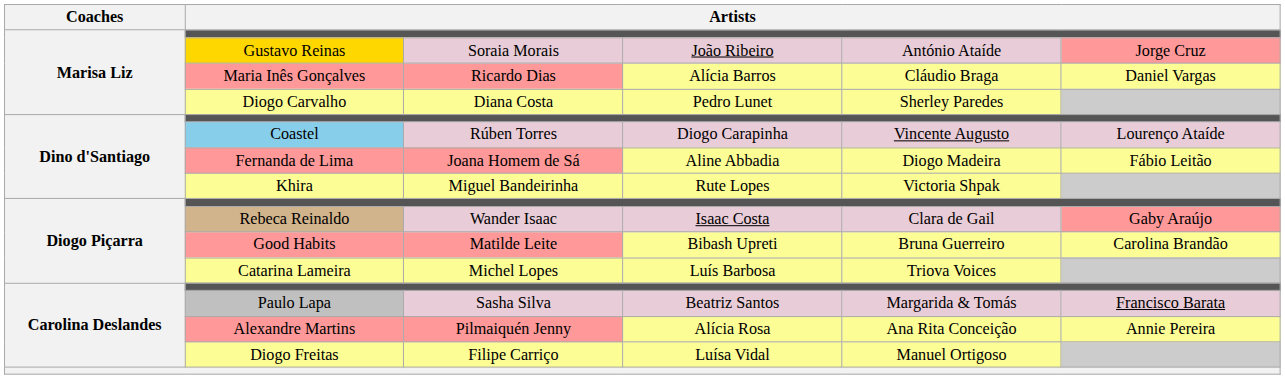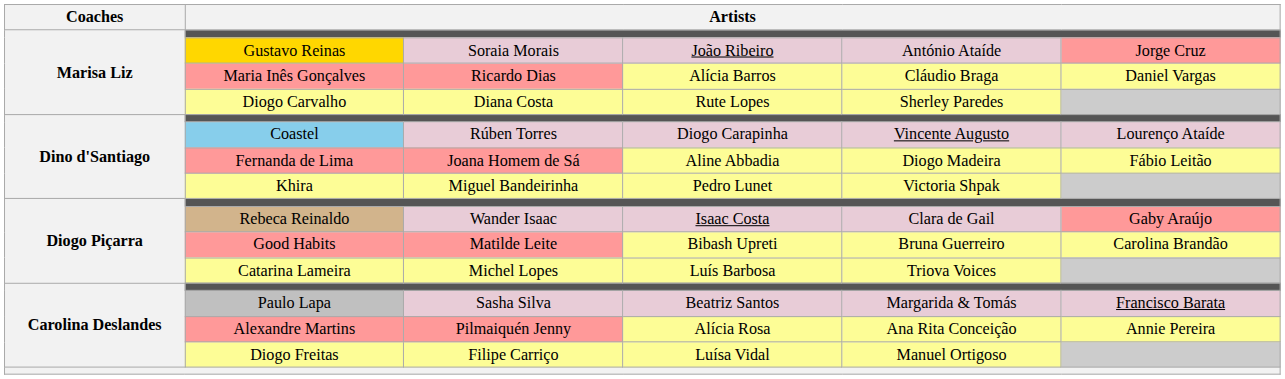 <table class="wikitable collapsible collapsed" style="text-align:center; width:100%">
 <tr>
 <th style="width:14%">Coaches</th>
 <th style="width:85%" colspan="6">Artists</th>
 </tr>
 <tr>
 <th rowspan="4">Marisa Liz</th>
 <td colspan="6" style="background:#555"></td>
 </tr>
 <tr>
 <td style="background: gold">Gustavo Reinas</td>
 <td style="background:#E8CCD7">Soraia Morais</td>
 <td style="background:#E8CCD7"><u>João Ribeiro</u></td>
 <td style="background:#E8CCD7">António Ataíde</td>
 <td style="background:#FF9999">Jorge Cruz</td>
 </tr>
 <tr>
 <td style="background:#FF9999">Maria Inês Gonçalves</td>
 <td style="background:#FF9999">Ricardo Dias</td>
 <td style="background:#FDFD96">Alícia Barros</td>
 <td style="background:#FDFD96">Cláudio Braga</td>
 <td style="background:#FDFD96">Daniel Vargas</td>
 </tr>
 <tr>
 <td style="background:#FDFD96">Diogo Carvalho</td>
 <td style="background:#FDFD96; width:17%">Diana Costa</td>
-<td style="background:#FDFD96">Pedro Lunet</td>
+<td style="background:#FDFD96">Rute Lopes</td>
 <td style="background:#FDFD96">Sherley Paredes</td>
 <td style="background:#cccccc"></td>
 </tr>
 <tr>
 <th rowspan="4">Dino d'Santiago</th>
 <td colspan="6" style="background:#555"></td>
 </tr>
 <tr>
 <td style="background:skyblue">Coastel</td>
 <td style="background:#E8CCD7">Rúben Torres</td>
 <td style="background:#E8CCD7">Diogo Carapinha</td>
 <td style="background:#E8CCD7"><u>Vincente Augusto</u></td>
 <td style="background:#E8CCD7">Lourenço Ataíde</td>
 </tr>
 <tr>
 <td style="background:#FF9999">Fernanda de Lima</td>
 <td style="background:#FF9999">Joana Homem de Sá</td>
 <td style="background:#FDFD96">Aline Abbadia</td>
 <td style="background:#FDFD96">Diogo Madeira</td>
 <td style="background:#FDFD96">Fábio Leitão</td>
 </tr>
 <tr>
 <td style="background:#FDFD96">Khira</td>
 <td style="background:#FDFD96">Miguel Bandeirinha</td>
-<td style="background:#FDFD96">Rute Lopes</td>
+<td style="background:#FDFD96">Pedro Lunet</td>
 <td style="background:#FDFD96">Victoria Shpak</td>
 <td style="background:#cccccc"></td>
 </tr>
 <tr>
 <th rowspan="4">Diogo Piçarra</th>
 <td colspan="6" style="background:#555"></td>
 </tr>
 <tr>
 <td style="background:tan">Rebeca Reinaldo</td>
 <td style="background:#E8CCD7">Wander Isaac</td>
 <td style="background:#E8CCD7"><u>Isaac Costa</u></td>
 <td style="background:#E8CCD7">Clara de Gail</td>
 <td style="background:#FF9999">Gaby Araújo</td>
 </tr>
 <tr>
 <td style="background:#FF9999">Good Habits</td>
 <td style="background:#FF9999">Matilde Leite</td>
 <td style="background:#FDFD96">Bibash Upreti</td>
 <td style="background:#FDFD96">Bruna Guerreiro</td>
 <td style="background:#FDFD96">Carolina Brandão</td>
 </tr>
 <tr>
 <td style="background:#FDFD96; width:17%">Catarina Lameira</td>
 <td style="background:#FDFD96">Michel Lopes</td>
 <td style="background:#FDFD96; width:17%">Luís Barbosa</td>
 <td style="background:#FDFD96; width:17%">Triova Voices</td>
 <td style="background:#cccccc; width:17%"></td>
 </tr>
 <tr>
 <th rowspan="4">Carolina Deslandes</th>
 <td colspan="6" style="background:#555"></td>
 </tr>
 <tr>
 <td style="background: silver">Paulo Lapa</td>
 <td style="background:#E8CCD7">Sasha Silva</td>
 <td style="background:#E8CCD7">Beatriz Santos</td>
 <td style="background:#E8CCD7">Margarida & Tomás</td>
 <td style="background:#E8CCD7"><u>Francisco Barata</u></td>
 </tr>
 <tr>
 <td style="background:#FF9999">Alexandre Martins</td>
 <td style="background:#FF9999">Pilmaiquén Jenny</td>
 <td style="background:#FDFD96">Alícia Rosa</td>
 <td style="background:#FDFD96">Ana Rita Conceição</td>
 <td style="background:#FDFD96">Annie Pereira</td>
 </tr>
 <tr>
 <td style="background:#FDFD96">Diogo Freitas</td>
 <td style="background:#FDFD96">Filipe Carriço</td>
 <td style="background:#FDFD96">Luísa Vidal</td>
 <td style="background:#FDFD96">Manuel Ortigoso</td>
 <td style="background:#cccccc"></td>
 </tr>
 <tr>
 <th style="font-size:90%; line-height:14px" colspan="7"></th>
 </tr>
 </table>
